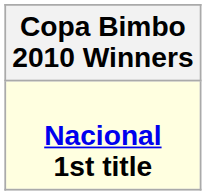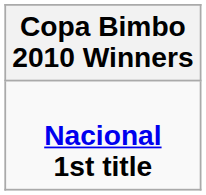 <table class="wikitable" style="text-align: center; margin: 0 auto;">
 <tr>
 <th>Copa Bimbo<br>2010 Winners</th>
 </tr>
 <tr>
-<td style="background: lightyellow;"><br><strong><a href='#'>Nacional</a></strong><br><strong>1st title</strong></td>
+<td><br><strong><a href='#'>Nacional</a></strong><br><strong>1st title</strong></td>
 </tr>
 </table>
